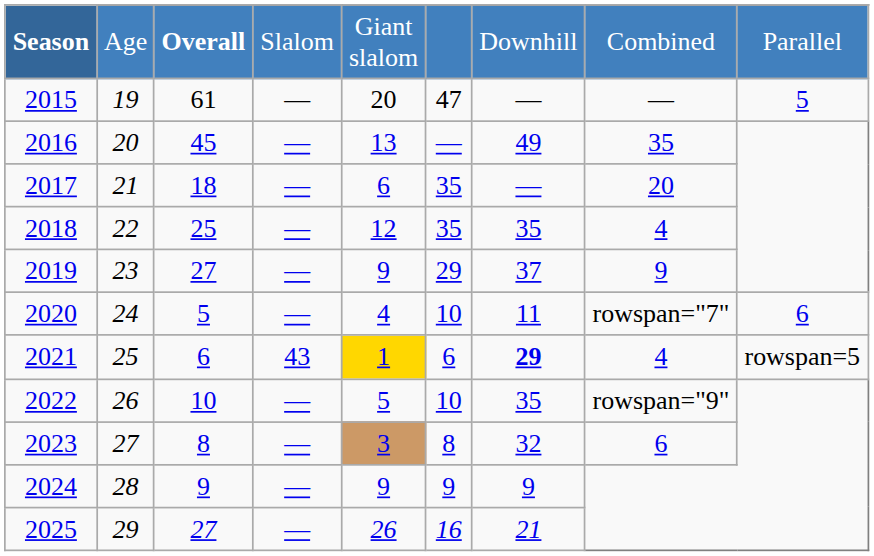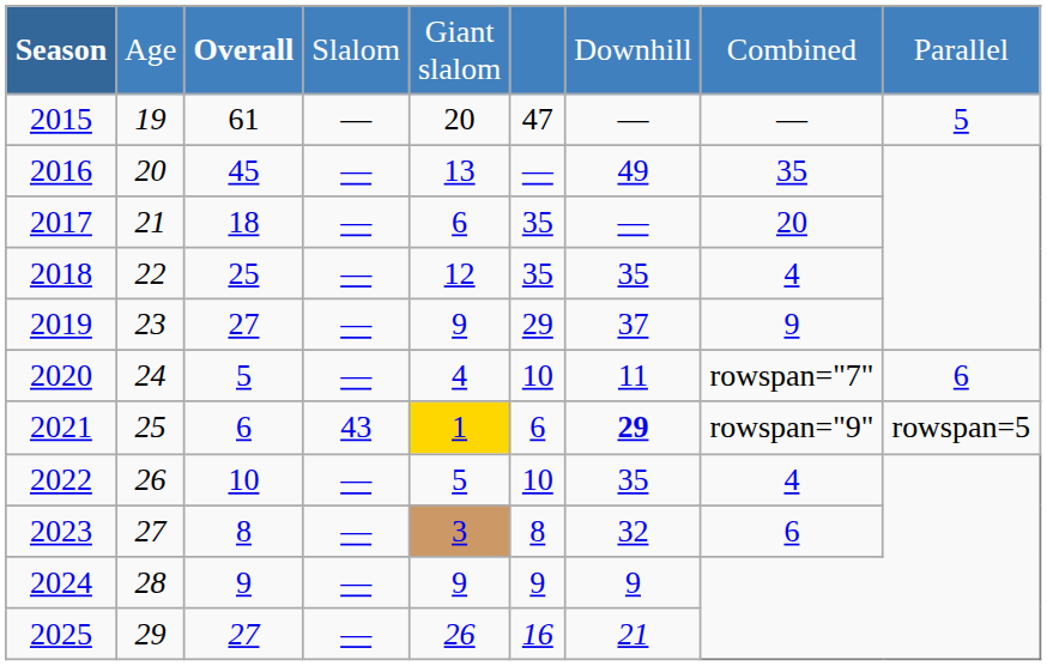 <table class="wikitable"  style="font-size:95%; text-align:center; border:gray solid 1px; width:40%;">
 <tr style="background:#369; color:white;">
 <td rowspan="2" style="width:6%;"><strong>Season</strong></td>
 </tr>
 <tr style="background:#4180be; color:white;">
 <td style="width:3%;">Age</td>
 <td style="width:5%;"><strong>Overall</strong></td>
 <td style="width:5%;">Slalom</td>
 <td style="width:5%;">Giant<br>slalom</td>
 <td style="width:5%;"></td>
 <td style="width:5%;">Downhill</td>
 <td style="width:5%;">Combined</td>
 <td style="width:5%;">Parallel</td>
 </tr>
 <tr>
 <td><a href='#'>2015</a></td>
 <td><em>19</em></td>
 <td>61</td>
 <td>—</td>
 <td>20</td>
 <td>47</td>
 <td>—</td>
 <td>—</td>
 <td><a href='#'>5</a></td>
 </tr>
 <tr>
 <td><a href='#'>2016</a></td>
 <td><em>20</em></td>
 <td><a href='#'>45</a></td>
 <td><a href='#'>—</a></td>
 <td><a href='#'>13</a></td>
 <td><a href='#'>—</a></td>
 <td><a href='#'>49</a></td>
 <td><a href='#'>35</a></td>
 </tr>
 <tr>
 <td><a href='#'>2017</a></td>
 <td><em>21</em></td>
 <td><a href='#'>18</a></td>
 <td><a href='#'>—</a></td>
 <td><a href='#'>6</a></td>
 <td><a href='#'>35</a></td>
 <td><a href='#'>—</a></td>
 <td><a href='#'>20</a></td>
 </tr>
 <tr>
 <td><a href='#'>2018</a></td>
 <td><em>22</em></td>
 <td><a href='#'>25</a></td>
 <td><a href='#'>—</a></td>
 <td><a href='#'>12</a></td>
 <td><a href='#'>35</a></td>
 <td><a href='#'>35</a></td>
 <td><a href='#'>4</a></td>
 </tr>
 <tr>
 <td><a href='#'>2019</a></td>
 <td><em>23</em></td>
 <td><a href='#'>27</a></td>
 <td><a href='#'>—</a></td>
 <td><a href='#'>9</a></td>
 <td><a href='#'>29</a></td>
 <td><a href='#'>37</a></td>
 <td><a href='#'>9</a></td>
 </tr>
 <tr>
 <td><a href='#'>2020</a></td>
 <td><em>24</em></td>
 <td><a href='#'>5</a></td>
 <td><a href='#'>—</a></td>
 <td><a href='#'>4</a></td>
 <td><a href='#'>10</a></td>
 <td><a href='#'>11</a></td>
 <td>rowspan="7" </td>
 <td><a href='#'>6</a></td>
 </tr>
 <tr>
 <td><a href='#'>2021</a></td>
 <td><em>25</em></td>
 <td><a href='#'>6</a></td>
 <td><a href='#'>43</a></td>
 <td style="background:gold;"><a href='#'>1</a></td>
 <td><a href='#'>6</a></td>
 <td><strong><a href='#'>29</a></strong></td>
-<td><a href='#'>4</a></td>
+<td>rowspan="9" </td>
 <td>rowspan=5 </td>
 </tr>
 <tr>
 <td><a href='#'>2022</a></td>
 <td><em>26</em></td>
 <td><a href='#'>10</a></td>
 <td><a href='#'>—</a></td>
 <td><a href='#'>5</a></td>
 <td><a href='#'>10</a></td>
 <td><a href='#'>35</a></td>
-<td>rowspan="9" </td>
+<td><a href='#'>4</a></td>
 </tr>
 <tr>
 <td><a href='#'>2023</a></td>
 <td><em>27</em></td>
 <td><a href='#'>8</a></td>
 <td><a href='#'>—</a></td>
 <td style="background:#cc9966;"><a href='#'>3</a></td>
 <td><a href='#'>8</a></td>
 <td><a href='#'>32</a></td>
 <td><a href='#'>6</a></td>
 </tr>
 <tr>
 <td><a href='#'>2024</a></td>
 <td><em>28</em></td>
 <td><a href='#'>9</a></td>
 <td><a href='#'>—</a></td>
 <td><a href='#'>9</a></td>
 <td><a href='#'>9</a></td>
 <td><a href='#'>9</a></td>
 </tr>
 <tr>
 <td><a href='#'>2025</a></td>
 <td><em>29</em></td>
 <td><a href='#'><em>27</em></a></td>
 <td><a href='#'>—</a></td>
 <td><a href='#'><em>26</em></a></td>
 <td><a href='#'><em>16</em></a></td>
 <td><a href='#'><em>21</em></a></td>
 </tr>
 </table>
